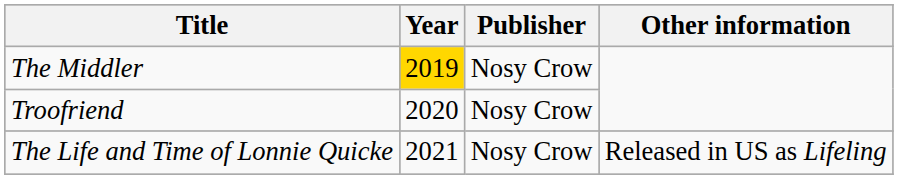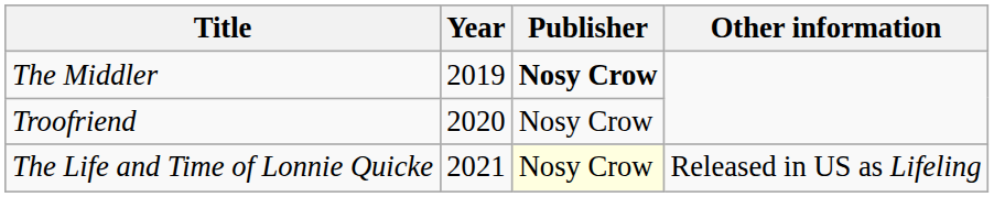 <table class="wikitable">
 <tr>
 <th>Title</th>
 <th>Year</th>
 <th>Publisher</th>
 <th>Other information</th>
 </tr>
 <tr>
 <td><em>The Middler</em></td>
-<td style="background: gold;">2019</td>
-<td>Nosy Crow</td>
+<td>2019</td>
+<td><strong>Nosy Crow</strong></td>
 </tr>
 <tr>
 <td><em>Troofriend</em></td>
 <td>2020</td>
 <td>Nosy Crow</td>
 </tr>
 <tr>
 <td><em>The Life and Time of Lonnie Quicke</em></td>
 <td>2021</td>
-<td>Nosy Crow</td>
+<td style="background: lightyellow;">Nosy Crow</td>
 <td>Released in US as <em>Lifeling</em></td>
 </tr>
 </table>
